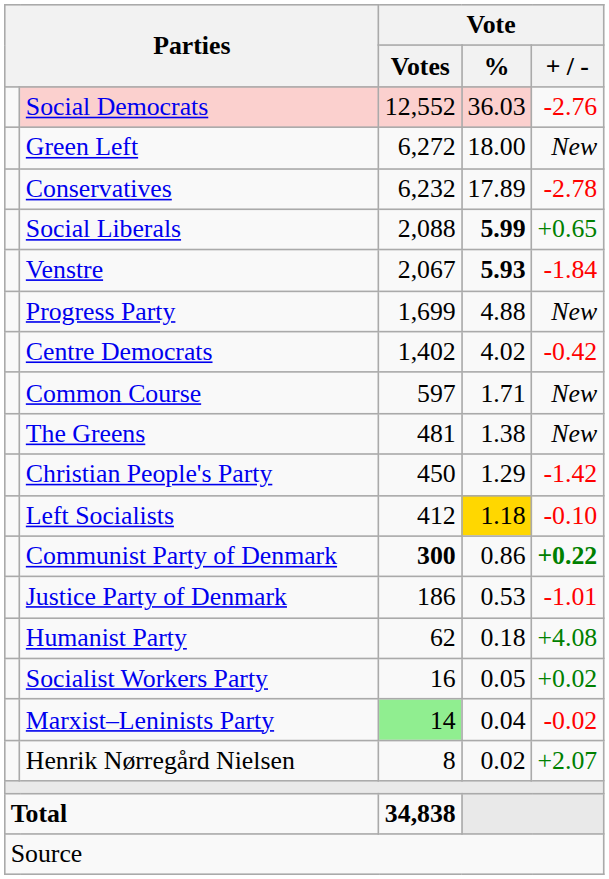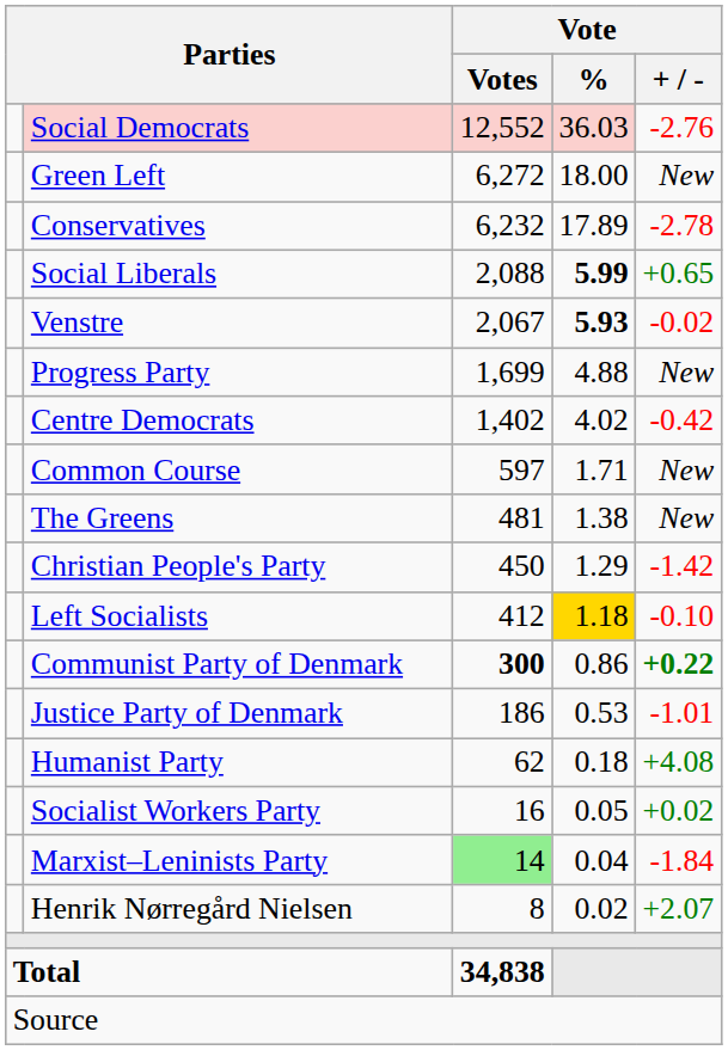 <table class="wikitable" style="text-align:right;">
 <tr>
 <th style="text-align:centre;" rowspan="2" colspan="2" width="225">Parties</th>
 <th colspan="3">Vote</th>
 </tr>
 <tr>
 <th width="15">Votes</th>
 <th width="15">%</th>
 <th width="15">+ / -</th>
 </tr>
 <tr>
 <td width="2" style="color:inherit;background:"></td>
 <td bgcolor=#fbd0ce  align="left"><a href='#'>Social Democrats</a></td>
 <td bgcolor=#fbd0ce>12,552</td>
 <td bgcolor=#fbd0ce>36.03</td>
 <td style=color:red;>-2.76</td>
 </tr>
 <tr>
 <td width="2" style="color:inherit;background:"></td>
 <td align="left"><a href='#'>Green Left</a></td>
 <td>6,272</td>
 <td>18.00</td>
 <td><em>New</em></td>
 </tr>
 <tr>
 <td width="2" style="color:inherit;background:"></td>
 <td align="left"><a href='#'>Conservatives</a></td>
 <td>6,232</td>
 <td>17.89</td>
 <td style=color:red;>-2.78</td>
 </tr>
 <tr>
 <td width="2" style="color:inherit;background:"></td>
 <td align="left"><a href='#'>Social Liberals</a></td>
 <td>2,088</td>
 <td><strong>5.99</strong></td>
 <td style=color:green;>+0.65</td>
 </tr>
 <tr>
 <td width="2" style="color:inherit;background:"></td>
 <td align="left"><a href='#'>Venstre</a></td>
 <td>2,067</td>
 <td><strong>5.93</strong></td>
-<td style=color:red;>-1.84</td>
+<td style=color:red;>-0.02</td>
 </tr>
 <tr>
 <td width="2" style="color:inherit;background:"></td>
 <td align="left"><a href='#'>Progress Party</a></td>
 <td>1,699</td>
 <td>4.88</td>
 <td><em>New</em></td>
 </tr>
 <tr>
 <td width="2" style="color:inherit;background:"></td>
 <td align="left"><a href='#'>Centre Democrats</a></td>
 <td>1,402</td>
 <td>4.02</td>
 <td style=color:red;>-0.42</td>
 </tr>
 <tr>
 <td width="2" style="color:inherit;background:"></td>
 <td align="left"><a href='#'>Common Course</a></td>
 <td>597</td>
 <td>1.71</td>
 <td><em>New</em></td>
 </tr>
 <tr>
 <td width="2" style="color:inherit;background:"></td>
 <td align="left"><a href='#'>The Greens</a></td>
 <td>481</td>
 <td>1.38</td>
 <td><em>New</em></td>
 </tr>
 <tr>
 <td width="2" style="color:inherit;background:"></td>
 <td align="left"><a href='#'>Christian People's Party</a></td>
 <td>450</td>
 <td>1.29</td>
 <td style=color:red;>-1.42</td>
 </tr>
 <tr>
 <td width="2" style="color:inherit;background:"></td>
 <td align="left"><a href='#'>Left Socialists</a></td>
 <td>412</td>
 <td style="background: gold;">1.18</td>
 <td style=color:red;>-0.10</td>
 </tr>
 <tr>
 <td width="2" style="color:inherit;background:"></td>
 <td align="left"><a href='#'>Communist Party of Denmark</a></td>
 <td><strong>300</strong></td>
 <td>0.86</td>
 <td style=color:green;><strong>+0.22</strong></td>
 </tr>
 <tr>
 <td width="2" style="color:inherit;background:"></td>
 <td align="left"><a href='#'>Justice Party of Denmark</a></td>
 <td>186</td>
 <td>0.53</td>
 <td style=color:red;>-1.01</td>
 </tr>
 <tr>
 <td width="2" style="color:inherit;background:"></td>
 <td align="left"><a href='#'>Humanist Party</a></td>
 <td>62</td>
 <td>0.18</td>
 <td style=color:green;>+4.08</td>
 </tr>
 <tr>
 <td width="2" style="color:inherit;background:"></td>
 <td align="left"><a href='#'>Socialist Workers Party</a></td>
 <td>16</td>
 <td>0.05</td>
 <td style=color:green;>+0.02</td>
 </tr>
 <tr>
 <td width="2" style="color:inherit;background:"></td>
 <td align="left"><a href='#'>Marxist–Leninists Party</a></td>
 <td style="background: lightgreen;">14</td>
 <td>0.04</td>
-<td style=color:red;>-0.02</td>
+<td style=color:red;>-1.84</td>
 </tr>
 <tr>
 <td width="2" style="color:inherit;background:"></td>
 <td align="left">Henrik Nørregård Nielsen</td>
 <td>8</td>
 <td>0.02</td>
 <td style=color:green;>+2.07</td>
 </tr>
 <tr>
 <td colspan="7" bgcolor="#E9E9E9"></td>
 </tr>
 <tr>
 <td align="left" colspan="2"><strong>Total</strong></td>
 <td><strong>34,838</strong></td>
 <td bgcolor="#E9E9E9" colspan="2"></td>
 </tr>
 <tr>
 <td align="left" colspan="6">Source</td>
 </tr>
 </table>
